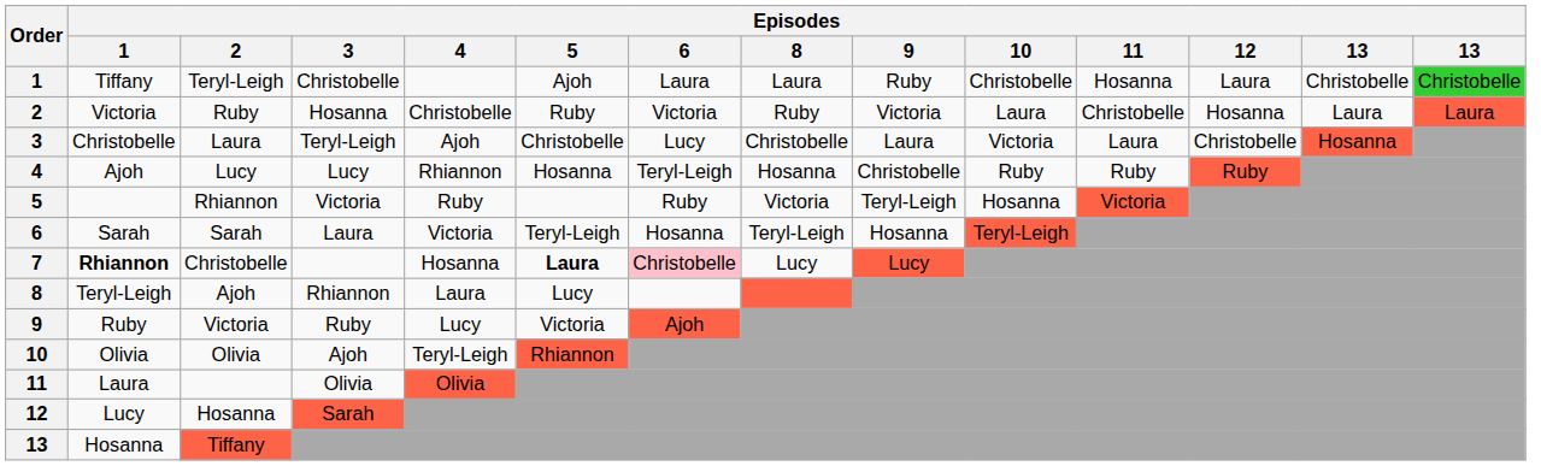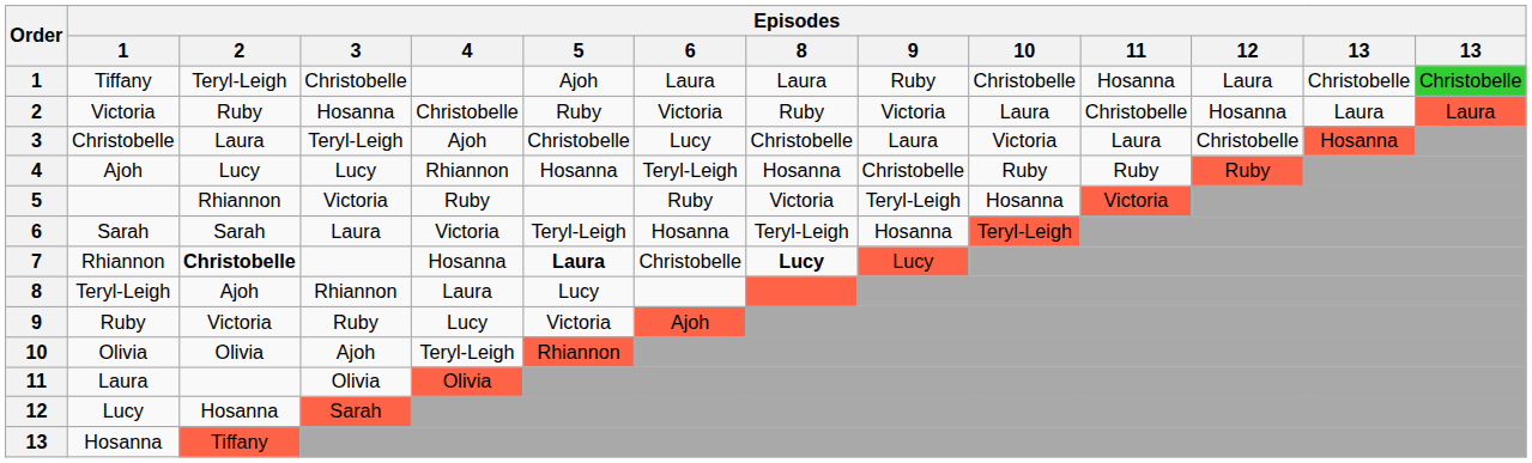 <table class="wikitable" style="text-align:center; font-size:92%">
 <tr>
 <th rowspan=2>Order</th>
 <th colspan=14>Episodes</th>
 </tr>
 <tr>
 <th>1</th>
 <th>2</th>
 <th>3</th>
 <th>4</th>
 <th>5</th>
 <th>6</th>
 <th>8</th>
 <th>9</th>
 <th>10</th>
 <th>11</th>
 <th>12</th>
 <th>13</th>
 <th>13</th>
 </tr>
 <tr>
 <th>1</th>
 <td>Tiffany</td>
 <td>Teryl-Leigh</td>
 <td>Christobelle</td>
 <td></td>
 <td>Ajoh</td>
 <td>Laura</td>
 <td>Laura</td>
 <td>Ruby</td>
 <td>Christobelle</td>
 <td>Hosanna</td>
 <td>Laura</td>
 <td>Christobelle</td>
 <td bgcolor="limegreen">Christobelle</td>
 </tr>
 <tr>
 <th>2</th>
 <td>Victoria</td>
 <td>Ruby</td>
 <td>Hosanna</td>
 <td>Christobelle</td>
 <td>Ruby</td>
 <td>Victoria</td>
 <td>Ruby</td>
 <td>Victoria</td>
 <td>Laura</td>
 <td>Christobelle</td>
 <td>Hosanna</td>
 <td>Laura</td>
 <td bgcolor="tomato">Laura</td>
 </tr>
 <tr>
 <th>3</th>
 <td>Christobelle</td>
 <td>Laura</td>
 <td>Teryl-Leigh</td>
 <td>Ajoh</td>
 <td>Christobelle</td>
 <td>Lucy</td>
 <td>Christobelle</td>
 <td>Laura</td>
 <td>Victoria</td>
 <td>Laura</td>
 <td>Christobelle</td>
 <td bgcolor="tomato">Hosanna</td>
 <td rowspan="1" bgcolor="darkgray"></td>
 </tr>
 <tr>
 <th>4</th>
 <td>Ajoh</td>
 <td>Lucy</td>
 <td>Lucy</td>
 <td>Rhiannon</td>
 <td>Hosanna</td>
 <td>Teryl-Leigh</td>
 <td>Hosanna</td>
 <td>Christobelle</td>
 <td>Ruby</td>
 <td>Ruby</td>
 <td bgcolor="tomato">Ruby</td>
 <td colspan="2" bgcolor="darkgray"></td>
 </tr>
 <tr>
 <th>5</th>
 <td></td>
 <td>Rhiannon</td>
 <td>Victoria</td>
 <td>Ruby</td>
 <td></td>
 <td>Ruby</td>
 <td>Victoria</td>
 <td>Teryl-Leigh</td>
 <td>Hosanna</td>
 <td bgcolor="tomato">Victoria</td>
 <td colspan="3" bgcolor="darkgray"></td>
 </tr>
 <tr>
 <th>6</th>
 <td>Sarah</td>
 <td>Sarah</td>
 <td>Laura</td>
 <td>Victoria</td>
 <td>Teryl-Leigh</td>
 <td>Hosanna</td>
 <td>Teryl-Leigh</td>
 <td>Hosanna</td>
 <td bgcolor="tomato">Teryl-Leigh</td>
 <td colspan="4" bgcolor="darkgray"></td>
 </tr>
 <tr>
 <th>7</th>
-<td><strong>Rhiannon</strong></td>
-<td>Christobelle</td>
+<td>Rhiannon</td>
+<td><strong>Christobelle</strong></td>
 <td></td>
 <td>Hosanna</td>
 <td><strong>Laura</strong></td>
-<td style="background: pink;">Christobelle</td>
-<td>Lucy</td>
+<td>Christobelle</td>
+<td><strong>Lucy</strong></td>
 <td bgcolor="tomato">Lucy</td>
 <td colspan="5" bgcolor="darkgray"></td>
 </tr>
 <tr>
 <th>8</th>
 <td>Teryl-Leigh</td>
 <td>Ajoh</td>
 <td>Rhiannon</td>
 <td>Laura</td>
 <td>Lucy</td>
 <td></td>
 <td bgcolor="tomato"></td>
 <td colspan="6" bgcolor="darkgray"></td>
 </tr>
 <tr>
 <th>9</th>
 <td>Ruby</td>
 <td>Victoria</td>
 <td>Ruby</td>
 <td>Lucy</td>
 <td>Victoria</td>
 <td bgcolor="tomato">Ajoh</td>
 <td colspan="7" bgcolor="darkgray"></td>
 </tr>
 <tr>
 <th>10</th>
 <td>Olivia</td>
 <td>Olivia</td>
 <td>Ajoh</td>
 <td>Teryl-Leigh</td>
 <td bgcolor="tomato">Rhiannon</td>
 <td colspan="8" bgcolor="darkgray"></td>
 </tr>
 <tr>
 <th>11</th>
 <td>Laura</td>
 <td></td>
 <td>Olivia</td>
 <td bgcolor="tomato">Olivia</td>
 <td colspan="9" bgcolor="darkgray"></td>
 </tr>
 <tr>
 <th>12</th>
 <td>Lucy</td>
 <td>Hosanna</td>
 <td bgcolor="tomato">Sarah</td>
 <td colspan="10" bgcolor="darkgray"></td>
 </tr>
 <tr>
 <th>13</th>
 <td>Hosanna</td>
 <td bgcolor="tomato">Tiffany</td>
 <td colspan="11" bgcolor="darkgray"></td>
 </tr>
 </table>
